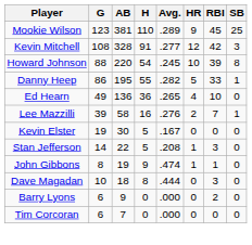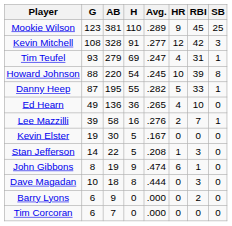 <table class="wikitable sortable">
 <tr>
 <th>Player</th>
 <th>G</th>
 <th>AB</th>
 <th>H</th>
 <th>Avg.</th>
 <th>HR</th>
 <th>RBI</th>
 <th>SB</th>
 </tr>
 <tr style="text-align:center;">
 <td><a href='#'>Mookie Wilson</a></td>
 <td>123</td>
 <td>381</td>
 <td>110</td>
 <td>.289</td>
 <td>9</td>
 <td>45</td>
 <td>25</td>
 </tr>
 <tr style="text-align:center;">
 <td><a href='#'>Kevin Mitchell</a></td>
 <td>108</td>
 <td>328</td>
 <td>91</td>
 <td>.277</td>
 <td>12</td>
 <td>42</td>
 <td>3</td>
 </tr>
 <tr style="text-align:center;">
+<td><a href='#'>Tim Teufel</a></td>
+<td>93</td>
+<td>279</td>
+<td>69</td>
+<td>.247</td>
+<td>4</td>
+<td>31</td>
+<td>1</td>
+</tr>
+<tr style="text-align:center;">
 <td><a href='#'>Howard Johnson</a></td>
 <td>88</td>
 <td>220</td>
 <td>54</td>
 <td>.245</td>
 <td>10</td>
 <td>39</td>
 <td>8</td>
 </tr>
 <tr style="text-align:center;">
 <td><a href='#'>Danny Heep</a></td>
-<td>86</td>
+<td>87</td>
 <td>195</td>
 <td>55</td>
 <td>.282</td>
 <td>5</td>
 <td>33</td>
 <td>1</td>
 </tr>
 <tr style="text-align:center;">
 <td><a href='#'>Ed Hearn</a></td>
 <td>49</td>
 <td>136</td>
 <td>36</td>
 <td>.265</td>
 <td>4</td>
 <td>10</td>
 <td>0</td>
 </tr>
 <tr style="text-align:center;">
 <td><a href='#'>Lee Mazzilli</a></td>
 <td>39</td>
 <td>58</td>
 <td>16</td>
 <td>.276</td>
 <td>2</td>
 <td>7</td>
 <td>1</td>
 </tr>
 <tr style="text-align:center;">
 <td><a href='#'>Kevin Elster</a></td>
 <td>19</td>
 <td>30</td>
 <td>5</td>
 <td>.167</td>
 <td>0</td>
 <td>0</td>
 <td>0</td>
 </tr>
 <tr style="text-align:center;">
 <td><a href='#'>Stan Jefferson</a></td>
 <td>14</td>
 <td>22</td>
 <td>5</td>
 <td>.208</td>
 <td>1</td>
 <td>3</td>
 <td>0</td>
 </tr>
 <tr style="text-align:center;">
 <td><a href='#'>John Gibbons</a></td>
 <td>8</td>
 <td>19</td>
 <td>9</td>
 <td>.474</td>
-<td>1</td>
+<td>6</td>
 <td>1</td>
 <td>0</td>
 </tr>
 <tr style="text-align:center;">
 <td><a href='#'>Dave Magadan</a></td>
 <td>10</td>
 <td>18</td>
 <td>8</td>
 <td>.444</td>
 <td>0</td>
 <td>3</td>
 <td>0</td>
 </tr>
 <tr style="text-align:center;">
 <td><a href='#'>Barry Lyons</a></td>
 <td>6</td>
 <td>9</td>
 <td>0</td>
 <td>.000</td>
 <td>0</td>
 <td>2</td>
 <td>0</td>
 </tr>
 <tr style="text-align:center;">
 <td><a href='#'>Tim Corcoran</a></td>
 <td>6</td>
 <td>7</td>
 <td>0</td>
 <td>.000</td>
 <td>0</td>
 <td>0</td>
 <td>0</td>
 </tr>
 </table>
